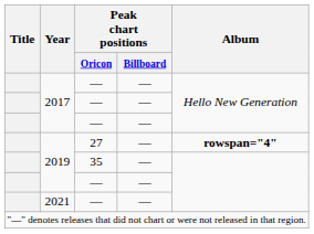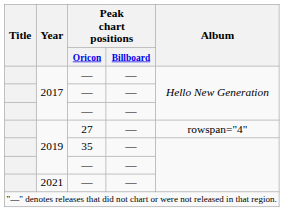 <table class="wikitable plainrowheaders" style="text-align:center;">
 <tr>
 <th scope="col" rowspan="2">Title</th>
 <th scope="col" rowspan="2">Year</th>
 <th scope="col" colspan="2">Peak <br> chart <br> positions</th>
 <th scope="col" rowspan="2">Album</th>
 </tr>
 <tr>
 <th scope="col" colspan="1"><small><a href='#'>Oricon</a></small></th>
 <th scope="col" colspan="1"><small><a href='#'>Billboard</a></small></th>
 </tr>
 <tr>
 <th scope="row"></th>
 <td rowspan="3">2017</td>
 <td>—</td>
 <td>—</td>
 <td rowspan="3"><em>Hello New Generation</em></td>
 </tr>
 <tr>
 <th scope="row"></th>
 <td>—</td>
 <td>—</td>
 </tr>
 <tr>
 <th scope="row"></th>
 <td>—</td>
 <td>—</td>
 </tr>
 <tr>
 <th scope="row"></th>
 <td rowspan="3">2019</td>
 <td>27</td>
 <td>—</td>
-<td><strong>rowspan="4" </strong></td>
+<td>rowspan="4" </td>
 </tr>
 <tr>
 <th scope="row"></th>
 <td>35</td>
 <td>—</td>
 </tr>
 <tr>
 <th scope="row"></th>
 <td>—</td>
 <td>—</td>
 </tr>
 <tr>
 <th scope="row"></th>
 <td>2021</td>
 <td>—</td>
 <td>—</td>
 </tr>
 <tr>
 <td colspan="5" style="font-size:80%">"—" denotes releases that did not chart or were not released in that region.</td>
 </tr>
 </table>
